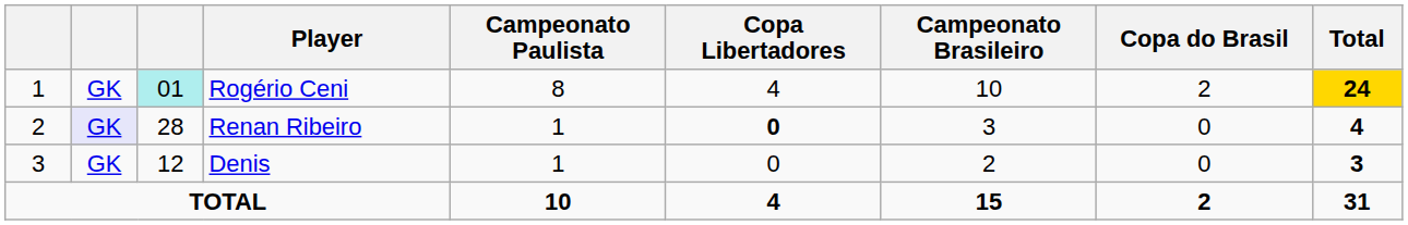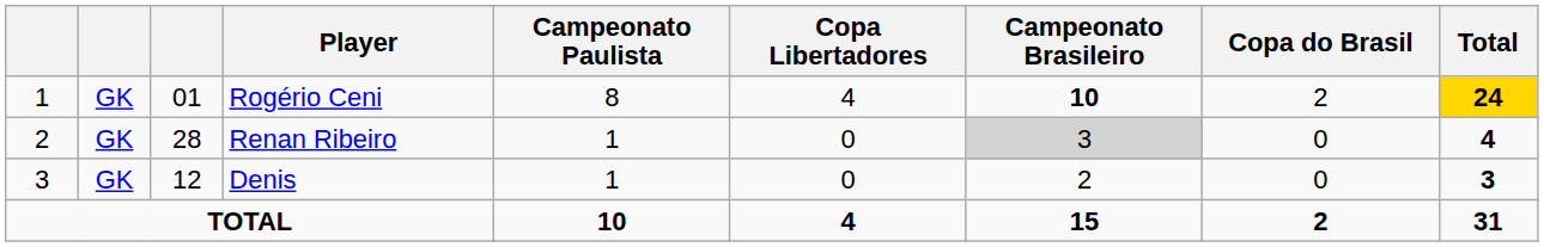 <table class="wikitable" style="font-size: 95%; text-align: center;">
 <tr>
 <th width=35></th>
 <th width=35></th>
 <th width=35></th>
 <th width=150>Player</th>
 <th width=130>Campeonato Paulista</th>
 <th width=130>Copa Libertadores</th>
 <th width=130>Campeonato Brasileiro</th>
 <th width=130>Copa do Brasil</th>
 <th width=50><strong>Total</strong></th>
 </tr>
 <tr>
 <td>1</td>
 <td><a href='#'>GK</a></td>
-<td style="background: paleturquoise;">01</td>
+<td>01</td>
 <td align=left> <a href='#'>Rogério Ceni</a></td>
 <td>8</td>
 <td>4</td>
-<td>10</td>
+<td><strong>10</strong></td>
 <td>2</td>
 <td style="background: gold;"><strong>24</strong></td>
 </tr>
 <tr>
 <td>2</td>
-<td style="background: lavender;"><a href='#'>GK</a></td>
+<td><a href='#'>GK</a></td>
 <td>28</td>
 <td align=left> <a href='#'>Renan Ribeiro</a></td>
 <td>1</td>
-<td><strong>0</strong></td>
-<td>3</td>
+<td>0</td>
+<td style="background: lightgrey;">3</td>
 <td>0</td>
 <td><strong>4</strong></td>
 </tr>
 <tr>
 <td>3</td>
 <td><a href='#'>GK</a></td>
 <td>12</td>
 <td align=left> <a href='#'>Denis</a></td>
 <td>1</td>
 <td>0</td>
 <td>2</td>
 <td>0</td>
 <td><strong>3</strong></td>
 </tr>
 <tr>
 <td colspan="4"><strong>TOTAL</strong></td>
 <td><strong>10</strong></td>
 <td><strong>4</strong></td>
 <td><strong>15</strong></td>
 <td><strong>2</strong></td>
 <td><strong>31</strong></td>
 </tr>
 </table>
